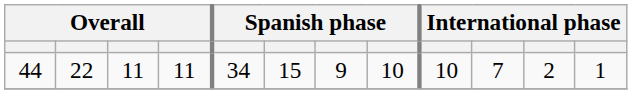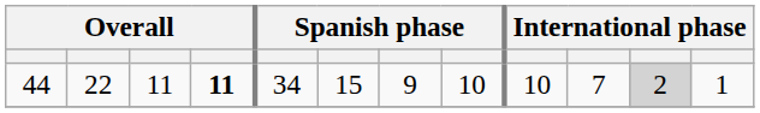 <table class=wikitable style="text-align:center">
 <tr>
 <th colspan=4 style="border-right:3px solid grey;">Overall</th>
 <th colspan=4 style="border-right:3px solid grey;">Spanish phase</th>
 <th colspan=4>International phase</th>
 </tr>
 <tr>
 <th width=28></th>
 <th width=28></th>
 <th width=28></th>
 <th style="border-right:3px solid grey;" width=28></th>
 <th width=28></th>
 <th width=28></th>
 <th width=28></th>
 <th style="border-right:3px solid grey;" width=28></th>
 <th width=28></th>
 <th width=28></th>
 <th width=28></th>
 <th width=28></th>
 </tr>
 <tr>
 <td>44</td>
 <td>22</td>
 <td>11</td>
-<td style="border-right:3px solid grey;">11</td>
+<td style="border-right:3px solid grey;"><strong>11</strong></td>
 <td>34</td>
 <td>15</td>
 <td>9</td>
 <td style="border-right:3px solid grey;">10</td>
 <td>10</td>
 <td>7</td>
-<td>2</td>
+<td style="background: lightgrey;">2</td>
 <td>1</td>
 </tr>
 <tr>
 </tr>
 </table>
